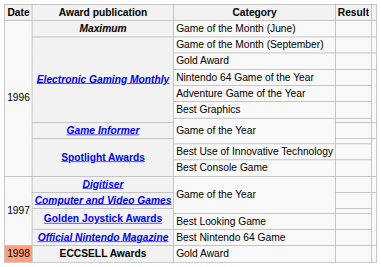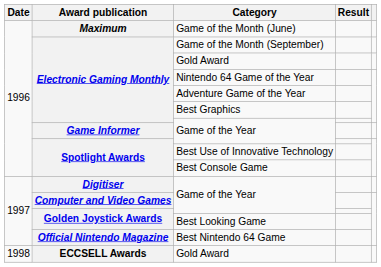 <table class="wikitable plainrowheaders" style="margin:1em auto;">
 <tr>
 <th scope="colgroup">Date</th>
 <th scope="col">Award publication</th>
 <th scope="col">Category</th>
 <th scope="col">Result</th>
 <th scope="col"></th>
 </tr>
 <tr>
 <td style="text-align:center;" scope="colgroup" rowspan="11">1996</td>
 <th scope="row"><em>Maximum</em></th>
 <td>Game of the Month (June)</td>
 <td></td>
 <td style="text-align:center;"></td>
 </tr>
 <tr>
 <th scope="row" rowspan="6"><em><a href='#'>Electronic Gaming Monthly</a></em></th>
 <td>Game of the Month (September)</td>
 <td></td>
 <td style="text-align:center;"></td>
 </tr>
 <tr>
 <td>Gold Award</td>
 <td></td>
 <td style="text-align:center;"></td>
 </tr>
 <tr>
 <td>Nintendo 64 Game of the Year</td>
 <td></td>
 <td style="text-align:center;" scope="rowgroup" rowspan="4"></td>
 </tr>
 <tr>
 <td>Adventure Game of the Year</td>
 <td></td>
 </tr>
 <tr>
 <td>Best Graphics</td>
 <td></td>
 </tr>
 <tr>
 <td scope="rowgroup" rowspan="3">Game of the Year</td>
 <td></td>
 </tr>
 <tr>
 <th scope="row"><em><a href='#'>Game Informer</a></em></th>
 <td></td>
 <td style="text-align:center;"></td>
 </tr>
 <tr>
 <th scope="row" rowspan="3"><a href='#'>Spotlight Awards</a></th>
 <td></td>
 <td style="text-align:center;" scope="rowgroup" rowspan="3"></td>
 </tr>
 <tr>
 <td>Best Use of Innovative Technology</td>
 <td></td>
 </tr>
 <tr>
 <td>Best Console Game</td>
 <td></td>
 </tr>
 <tr>
 <td style="text-align:center;" rowspan="5" scope="colgroup">1997</td>
 <th scope="row"><em><a href='#'>Digitiser</a></em></th>
 <td scope="rowgroup" rowspan="3">Game of the Year</td>
 <td></td>
 <td style="text-align:center;"></td>
 </tr>
 <tr>
 <th scope="row"><em><a href='#'>Computer and Video Games</a></em></th>
 <td></td>
 <td style="text-align:center;" scope="rowgroup" rowspan="4"></td>
 </tr>
 <tr>
 <th scope="row" rowspan="2"><a href='#'>Golden Joystick Awards</a></th>
 <td></td>
 </tr>
 <tr>
 <td>Best Looking Game</td>
 <td></td>
 </tr>
 <tr>
 <th scope="row"><em><a href='#'>Official Nintendo Magazine</a></em></th>
 <td>Best Nintendo 64 Game</td>
 <td></td>
 </tr>
 <tr>
-<td style="background: lightsalmon; text-align:center;" scope="colgroup">1998</td>
+<td style="text-align:center;" scope="colgroup">1998</td>
 <th scope="row">ECCSELL Awards</th>
 <td>Gold Award</td>
 <td></td>
 <td style="text-align:center;"></td>
 </tr>
 </table>
